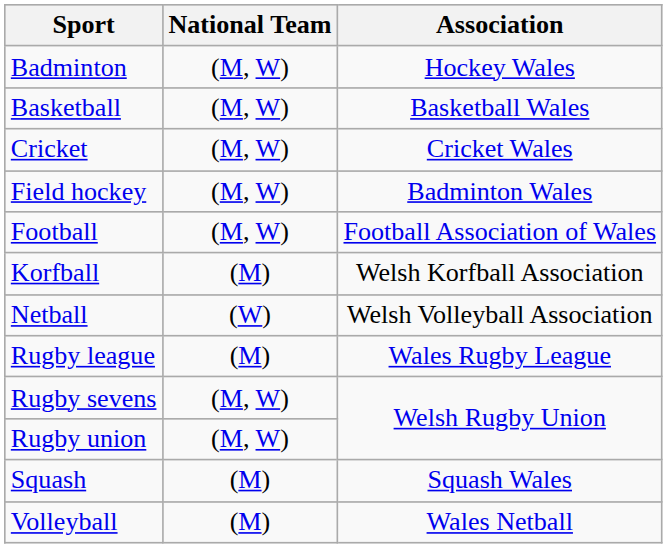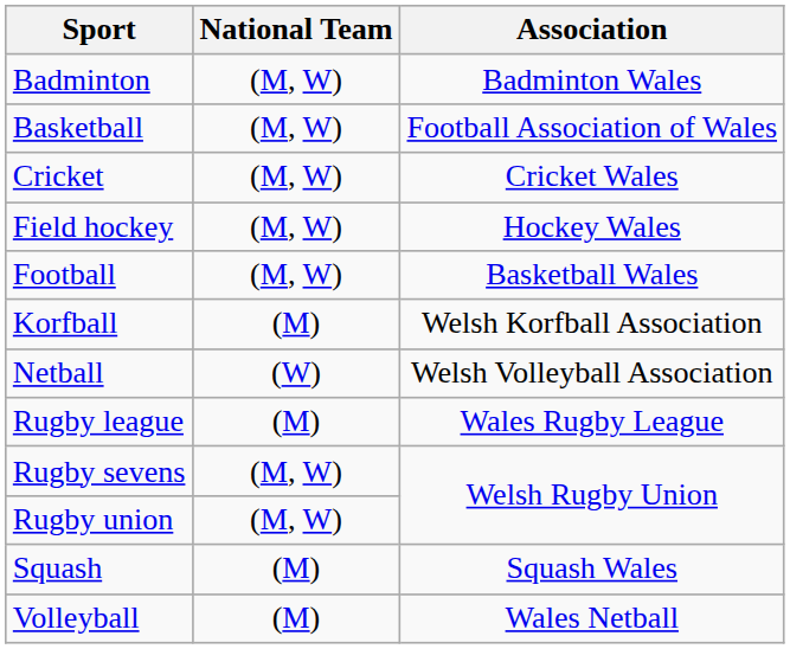 <table class = "wikitable sortable" style="text-align:center; font-size:100%;">
 <tr>
 <th>Sport</th>
 <th>National Team</th>
 <th>Association</th>
 </tr>
 <tr>
 <td style="text-align:left"><a href='#'>Badminton</a> </td>
 <td>(<a href='#'>M</a>, <a href='#'>W</a>)</td>
-<td><a href='#'>Hockey Wales</a></td>
+<td><a href='#'>Badminton Wales</a></td>
 </tr>
 <tr>
 <td style="text-align:left"><a href='#'>Basketball</a> </td>
 <td>(<a href='#'>M</a>, <a href='#'>W</a>)</td>
-<td><a href='#'>Basketball Wales</a></td>
+<td><a href='#'>Football Association of Wales</a></td>
 </tr>
 <tr>
 <td style="text-align:left"><a href='#'>Cricket</a> </td>
 <td>(<a href='#'>M</a>, <a href='#'>W</a>)</td>
 <td><a href='#'>Cricket Wales</a></td>
 </tr>
 <tr>
 <td style="text-align:left"><a href='#'>Field hockey</a> </td>
 <td>(<a href='#'>M</a>, <a href='#'>W</a>)</td>
-<td><a href='#'>Badminton Wales</a></td>
+<td><a href='#'>Hockey Wales</a></td>
 </tr>
 <tr>
 <td style="text-align:left"><a href='#'>Football</a> </td>
 <td>(<a href='#'>M</a>, <a href='#'>W</a>)</td>
-<td><a href='#'>Football Association of Wales</a></td>
+<td><a href='#'>Basketball Wales</a></td>
 </tr>
 <tr>
 <td style="text-align:left"><a href='#'>Korfball</a> </td>
 <td>(<a href='#'>M</a>)</td>
 <td>Welsh Korfball Association</td>
 </tr>
 <tr>
 <td style="text-align:left"><a href='#'>Netball</a> </td>
 <td>(<a href='#'>W</a>)</td>
 <td>Welsh Volleyball Association</td>
 </tr>
 <tr>
 <td style="text-align:left"><a href='#'>Rugby league</a> </td>
 <td>(<a href='#'>M</a>)</td>
 <td><a href='#'>Wales Rugby League</a></td>
 </tr>
 <tr>
 <td style="text-align:left"><a href='#'>Rugby sevens</a> </td>
 <td>(<a href='#'>M</a>, <a href='#'>W</a>)</td>
 <td rowspan="2"><a href='#'>Welsh Rugby Union</a></td>
 </tr>
 <tr>
 <td style="text-align:left"><a href='#'>Rugby union</a> </td>
 <td>(<a href='#'>M</a>, <a href='#'>W</a>)</td>
 </tr>
 <tr>
 <td style="text-align:left"><a href='#'>Squash</a> </td>
 <td>(<a href='#'>M</a>)</td>
 <td><a href='#'>Squash Wales</a></td>
 </tr>
 <tr>
 <td style="text-align:left"><a href='#'>Volleyball</a> </td>
 <td>(<a href='#'>M</a>)</td>
 <td><a href='#'>Wales Netball</a></td>
 </tr>
 </table>
